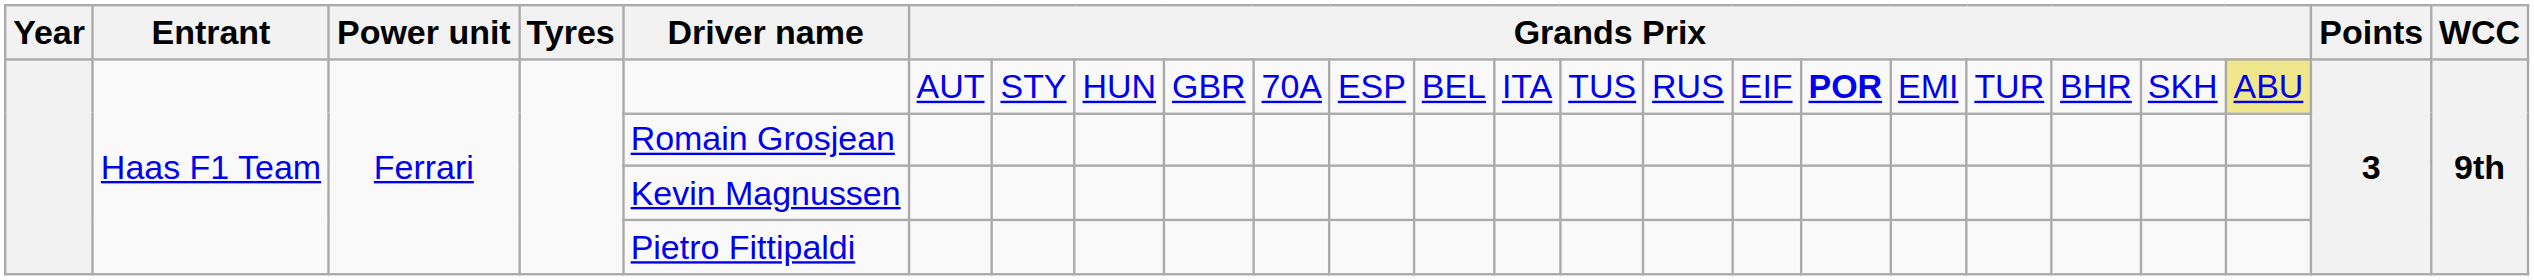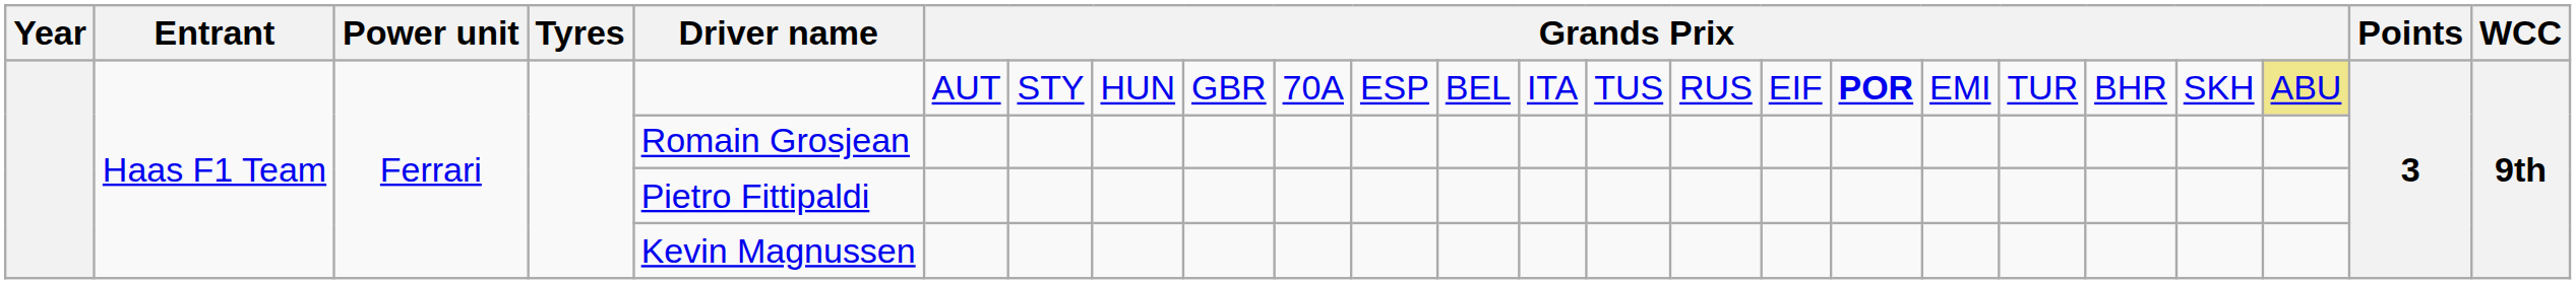 <table class="wikitable" style="text-align:center; font-size:90%">
 <tr>
 <th>Year</th>
 <th>Entrant</th>
 <th>Power unit</th>
 <th>Tyres</th>
 <th>Driver name</th>
 <th colspan="17">Grands Prix</th>
 <th>Points</th>
 <th>WCC</th>
 </tr>
 <tr>
 <th rowspan="4"></th>
 <td rowspan="4"><a href='#'>Haas F1 Team</a></td>
 <td rowspan="4"><a href='#'>Ferrari</a></td>
 <td rowspan="4"></td>
 <td></td>
 <td><a href='#'>AUT</a></td>
 <td><a href='#'>STY</a></td>
 <td><a href='#'>HUN</a></td>
 <td><a href='#'>GBR</a></td>
 <td><a href='#'>70A</a></td>
 <td><a href='#'>ESP</a></td>
 <td><a href='#'>BEL</a></td>
 <td><a href='#'>ITA</a></td>
 <td><a href='#'>TUS</a></td>
 <td><a href='#'>RUS</a></td>
 <td><a href='#'>EIF</a></td>
 <td><strong><a href='#'>POR</a></strong></td>
 <td><a href='#'>EMI</a></td>
 <td><a href='#'>TUR</a></td>
 <td><a href='#'>BHR</a></td>
 <td><a href='#'>SKH</a></td>
 <td style="background: khaki;"><a href='#'>ABU</a></td>
 <th rowspan="4">3</th>
 <th rowspan="4">9th</th>
 </tr>
 <tr>
 <td align=left><a href='#'>Romain Grosjean</a></td>
 <td></td>
 <td></td>
 <td></td>
 <td></td>
 <td></td>
 <td></td>
 <td></td>
 <td></td>
 <td></td>
 <td></td>
 <td></td>
 <td></td>
 <td></td>
 <td></td>
 <td></td>
 <td></td>
 <td></td>
 </tr>
 <tr>
+<td align=left><a href='#'>Pietro Fittipaldi</a></td>
+<td></td>
+<td></td>
+<td></td>
+<td></td>
+<td></td>
+<td></td>
+<td></td>
+<td></td>
+<td></td>
+<td></td>
+<td></td>
+<td></td>
+<td></td>
+<td></td>
+<td></td>
+<td></td>
+<td></td>
+</tr>
+<tr>
 <td align=left><a href='#'>Kevin Magnussen</a></td>
 <td></td>
 <td></td>
 <td></td>
 <td></td>
 <td></td>
 <td></td>
 <td></td>
 <td></td>
 <td></td>
 <td></td>
 <td></td>
 <td></td>
 <td></td>
 <td></td>
 <td></td>
 <td></td>
 <td></td>
 </tr>
-<tr>
-<td align=left><a href='#'>Pietro Fittipaldi</a></td>
-<td></td>
-<td></td>
-<td></td>
-<td></td>
-<td></td>
-<td></td>
-<td></td>
-<td></td>
-<td></td>
-<td></td>
-<td></td>
-<td></td>
-<td></td>
-<td></td>
-<td></td>
-<td></td>
-<td></td>
-</tr>
 </table>
